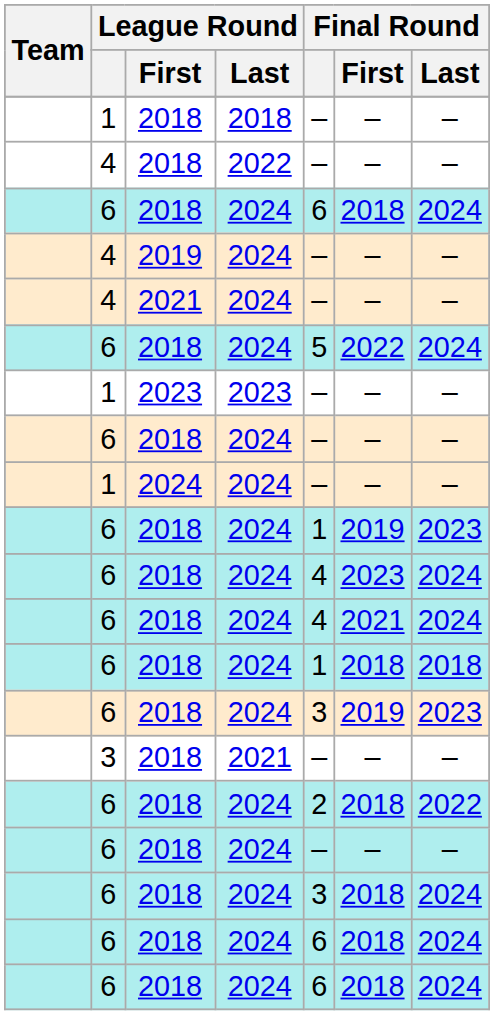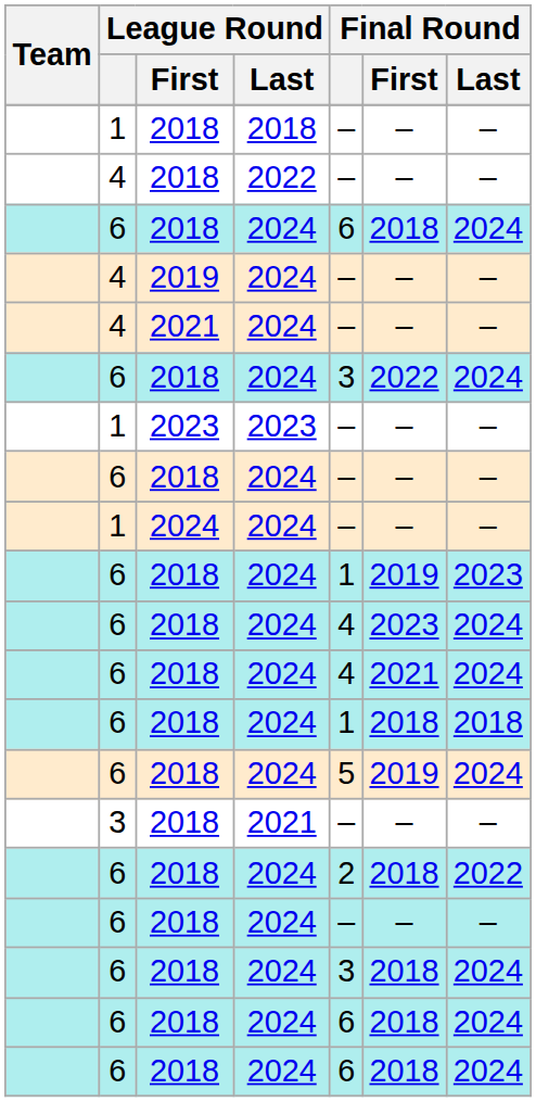 <table class="wikitable sortable" style="text-align:center">
 <tr>
 <th rowspan="2">Team</th>
 <th colspan="3">League Round</th>
 <th colspan="3">Final Round</th>
 </tr>
 <tr>
 <th></th>
 <th>First</th>
 <th>Last</th>
 <th></th>
 <th>First</th>
 <th>Last</th>
 </tr>
 <tr>
 </tr>
 <tr style="background: #ffffff;">
 <td align="left"></td>
 <td>1</td>
 <td><a href='#'>2018</a></td>
 <td><a href='#'>2018</a></td>
 <td>–</td>
 <td>–</td>
 <td>–</td>
 </tr>
 <tr style="background: #ffffff;">
 <td align="left"></td>
 <td>4</td>
 <td><a href='#'>2018</a></td>
 <td><a href='#'>2022</a></td>
 <td>–</td>
 <td>–</td>
 <td>–</td>
 </tr>
 <tr style="background: #afeeee;">
 <td align="left"></td>
 <td>6</td>
 <td><a href='#'>2018</a></td>
 <td><a href='#'>2024</a></td>
 <td>6</td>
 <td><a href='#'>2018</a></td>
 <td><a href='#'>2024</a></td>
 </tr>
 <tr style="background: #ffebcd;">
 <td align="left"></td>
 <td>4</td>
 <td><a href='#'>2019</a></td>
 <td><a href='#'>2024</a></td>
 <td>–</td>
 <td>–</td>
 <td>–</td>
 </tr>
 <tr style="background: #ffebcd;">
 <td align="left"></td>
 <td>4</td>
 <td><a href='#'>2021</a></td>
 <td><a href='#'>2024</a></td>
 <td>–</td>
 <td>–</td>
 <td>–</td>
 </tr>
 <tr style="background: #afeeee;">
 <td align="left"></td>
 <td>6</td>
 <td><a href='#'>2018</a></td>
 <td><a href='#'>2024</a></td>
-<td>5</td>
+<td>3</td>
 <td><a href='#'>2022</a></td>
 <td><a href='#'>2024</a></td>
 </tr>
 <tr style="background: #ffffff;">
 <td align="left"></td>
 <td>1</td>
 <td><a href='#'>2023</a></td>
 <td><a href='#'>2023</a></td>
 <td>–</td>
 <td>–</td>
 <td>–</td>
 </tr>
 <tr style="background: #ffebcd;">
 <td align="left"></td>
 <td>6</td>
 <td><a href='#'>2018</a></td>
 <td><a href='#'>2024</a></td>
 <td>–</td>
 <td>–</td>
 <td>–</td>
 </tr>
 <tr style="background: #ffebcd;">
 <td align="left"></td>
 <td>1</td>
 <td><a href='#'>2024</a></td>
 <td><a href='#'>2024</a></td>
 <td>–</td>
 <td>–</td>
 <td>–</td>
 </tr>
 <tr style="background: #afeeee;">
 <td align="left"></td>
 <td>6</td>
 <td><a href='#'>2018</a></td>
 <td><a href='#'>2024</a></td>
 <td>1</td>
 <td><a href='#'>2019</a></td>
 <td><a href='#'>2023</a></td>
 </tr>
 <tr style="background: #afeeee;">
 <td align="left"></td>
 <td>6</td>
 <td><a href='#'>2018</a></td>
 <td><a href='#'>2024</a></td>
 <td>4</td>
 <td><a href='#'>2023</a></td>
 <td><a href='#'>2024</a></td>
 </tr>
 <tr style="background: #afeeee;">
 <td align="left"></td>
 <td>6</td>
 <td><a href='#'>2018</a></td>
 <td><a href='#'>2024</a></td>
 <td>4</td>
 <td><a href='#'>2021</a></td>
 <td><a href='#'>2024</a></td>
 </tr>
 <tr style="background: #afeeee;">
 <td align="left"></td>
 <td>6</td>
 <td><a href='#'>2018</a></td>
 <td><a href='#'>2024</a></td>
 <td>1</td>
 <td><a href='#'>2018</a></td>
 <td><a href='#'>2018</a></td>
 </tr>
 <tr style="background: #ffebcd;">
 <td align="left"></td>
 <td>6</td>
 <td><a href='#'>2018</a></td>
 <td><a href='#'>2024</a></td>
-<td>3</td>
+<td>5</td>
 <td><a href='#'>2019</a></td>
-<td><a href='#'>2023</a></td>
+<td><a href='#'>2024</a></td>
 </tr>
 <tr style="background: #ffffff;">
 <td align="left"></td>
 <td>3</td>
 <td><a href='#'>2018</a></td>
 <td><a href='#'>2021</a></td>
 <td>–</td>
 <td>–</td>
 <td>–</td>
 </tr>
 <tr style="background: #afeeee;">
 <td align="left"></td>
 <td>6</td>
 <td><a href='#'>2018</a></td>
 <td><a href='#'>2024</a></td>
 <td>2</td>
 <td><a href='#'>2018</a></td>
 <td><a href='#'>2022</a></td>
 </tr>
 <tr style="background: #afeeee;">
 <td align="left"></td>
 <td>6</td>
 <td><a href='#'>2018</a></td>
 <td><a href='#'>2024</a></td>
 <td>–</td>
 <td>–</td>
 <td>–</td>
 </tr>
 <tr style="background: #afeeee;">
 <td align="left"></td>
 <td>6</td>
 <td><a href='#'>2018</a></td>
 <td><a href='#'>2024</a></td>
 <td>3</td>
 <td><a href='#'>2018</a></td>
 <td><a href='#'>2024</a></td>
 </tr>
 <tr style="background: #aeeeee;">
 <td align="left"></td>
 <td>6</td>
 <td><a href='#'>2018</a></td>
 <td><a href='#'>2024</a></td>
 <td>6</td>
 <td><a href='#'>2018</a></td>
 <td><a href='#'>2024</a></td>
 </tr>
 <tr style="background: #afeeee;">
 <td align="left"></td>
 <td>6</td>
 <td><a href='#'>2018</a></td>
 <td><a href='#'>2024</a></td>
 <td>6</td>
 <td><a href='#'>2018</a></td>
 <td><a href='#'>2024</a></td>
 </tr>
 </table>
